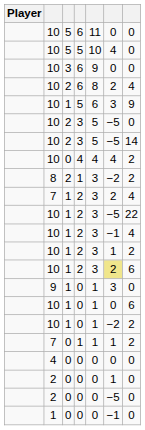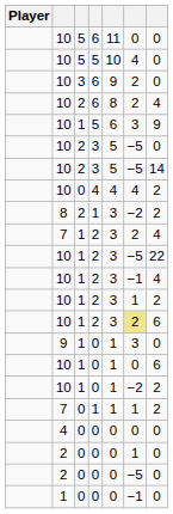 <table class="wikitable sortable" style="text-align:center;">
 <tr>
 <th>Player</th>
 <th></th>
 <th></th>
 <th></th>
 <th></th>
 <th data-sort-type="number"></th>
 <th></th>
 </tr>
 <tr>
 <td></td>
 <td>10</td>
 <td>5</td>
 <td>6</td>
 <td>11</td>
 <td>0</td>
 <td>0</td>
 </tr>
 <tr>
 <td></td>
 <td>10</td>
 <td>5</td>
 <td>5</td>
 <td>10</td>
 <td>4</td>
 <td>0</td>
 </tr>
 <tr>
 <td></td>
 <td>10</td>
 <td>3</td>
 <td>6</td>
 <td>9</td>
-<td>0</td>
+<td>2</td>
 <td>0</td>
 </tr>
 <tr>
 <td></td>
 <td>10</td>
 <td>2</td>
 <td>6</td>
 <td>8</td>
 <td>2</td>
 <td>4</td>
 </tr>
 <tr>
 <td></td>
 <td>10</td>
 <td>1</td>
 <td>5</td>
 <td>6</td>
 <td>3</td>
 <td>9</td>
 </tr>
 <tr>
 <td></td>
 <td>10</td>
 <td>2</td>
 <td>3</td>
 <td>5</td>
 <td>−5</td>
 <td>0</td>
 </tr>
 <tr>
 <td></td>
 <td>10</td>
 <td>2</td>
 <td>3</td>
 <td>5</td>
 <td>−5</td>
 <td>14</td>
 </tr>
 <tr>
 <td></td>
 <td>10</td>
 <td>0</td>
 <td>4</td>
 <td>4</td>
 <td>4</td>
 <td>2</td>
 </tr>
 <tr>
 <td></td>
 <td>8</td>
 <td>2</td>
 <td>1</td>
 <td>3</td>
 <td>−2</td>
 <td>2</td>
 </tr>
 <tr>
 <td></td>
 <td>7</td>
 <td>1</td>
 <td>2</td>
 <td>3</td>
 <td>2</td>
 <td>4</td>
 </tr>
 <tr>
 <td></td>
 <td>10</td>
 <td>1</td>
 <td>2</td>
 <td>3</td>
 <td>−5</td>
 <td>22</td>
 </tr>
 <tr>
 <td></td>
 <td>10</td>
 <td>1</td>
 <td>2</td>
 <td>3</td>
 <td>−1</td>
 <td>4</td>
 </tr>
 <tr>
 <td></td>
 <td>10</td>
 <td>1</td>
 <td>2</td>
 <td>3</td>
 <td>1</td>
 <td>2</td>
 </tr>
 <tr>
 <td></td>
 <td>10</td>
 <td>1</td>
 <td>2</td>
 <td>3</td>
 <td style="background: khaki;">2</td>
 <td>6</td>
 </tr>
 <tr>
 <td></td>
 <td>9</td>
 <td>1</td>
 <td>0</td>
 <td>1</td>
 <td>3</td>
 <td>0</td>
 </tr>
 <tr>
 <td></td>
 <td>10</td>
 <td>1</td>
 <td>0</td>
 <td>1</td>
 <td>0</td>
 <td>6</td>
 </tr>
 <tr>
 <td></td>
 <td>10</td>
 <td>1</td>
 <td>0</td>
 <td>1</td>
 <td>−2</td>
 <td>2</td>
 </tr>
 <tr>
 <td></td>
 <td>7</td>
 <td>0</td>
 <td>1</td>
 <td>1</td>
 <td>1</td>
 <td>2</td>
 </tr>
 <tr>
 <td></td>
 <td>4</td>
 <td>0</td>
 <td>0</td>
 <td>0</td>
 <td>0</td>
 <td>0</td>
 </tr>
 <tr>
 <td></td>
 <td>2</td>
 <td>0</td>
 <td>0</td>
 <td>0</td>
 <td>1</td>
 <td>0</td>
 </tr>
 <tr>
 <td></td>
 <td>2</td>
 <td>0</td>
 <td>0</td>
 <td>0</td>
 <td>−5</td>
 <td>0</td>
 </tr>
 <tr>
 <td></td>
 <td>1</td>
 <td>0</td>
 <td>0</td>
 <td>0</td>
 <td>−1</td>
 <td>0</td>
 </tr>
 </table>
